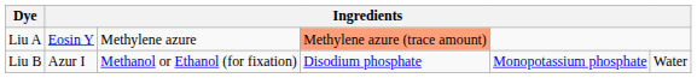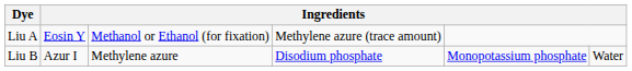 <table class="wikitable">
 <tr>
 <th>Dye</th>
 <th colspan="5">Ingredients</th>
 </tr>
 <tr>
 <td>Liu A</td>
 <td><a href='#'>Eosin Y</a></td>
-<td>Methylene azure</td>
-<td style="background: lightsalmon;">Methylene azure (trace amount)</td>
+<td><a href='#'>Methanol</a> or <a href='#'>Ethanol</a> (for fixation)</td>
+<td>Methylene azure (trace amount)</td>
 </tr>
 <tr>
 <td>Liu B</td>
 <td>Azur I</td>
-<td><a href='#'>Methanol</a> or <a href='#'>Ethanol</a> (for fixation)</td>
+<td>Methylene azure</td>
 <td><a href='#'>Disodium phosphate</a></td>
 <td><a href='#'>Monopotassium phosphate</a></td>
 <td>Water</td>
 </tr>
 </table>
